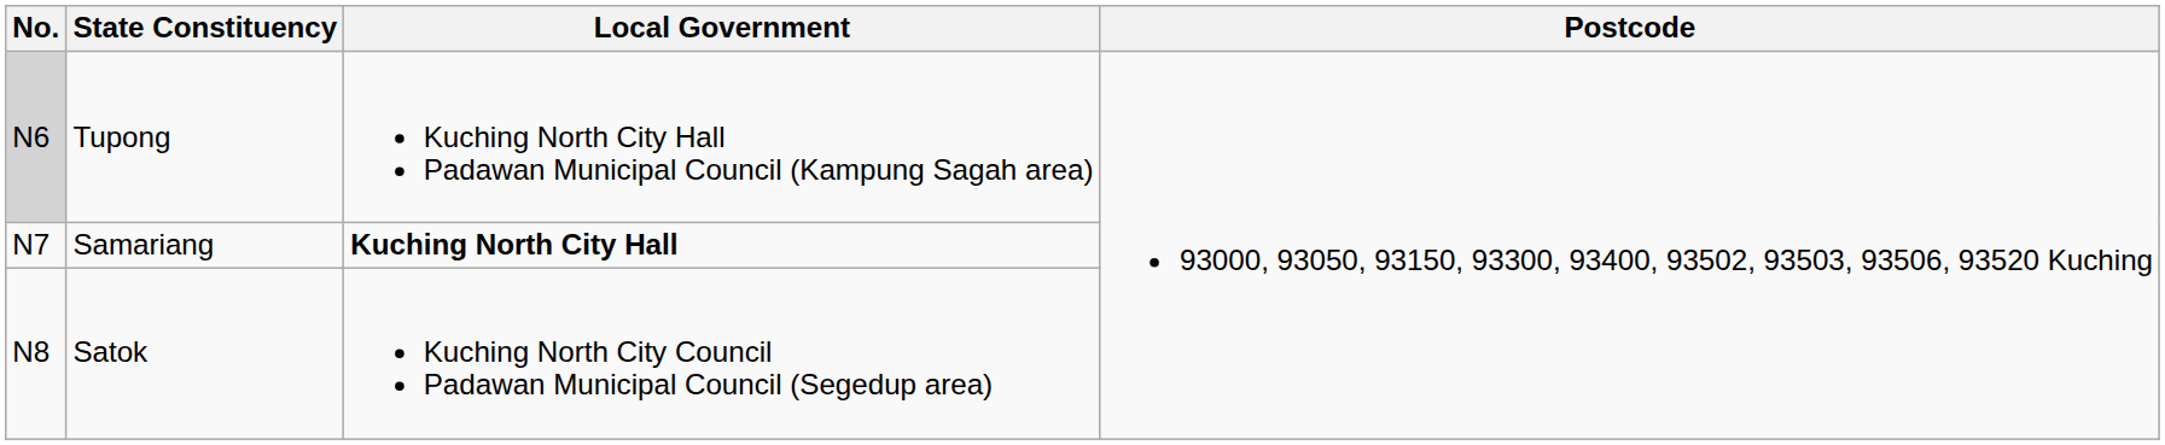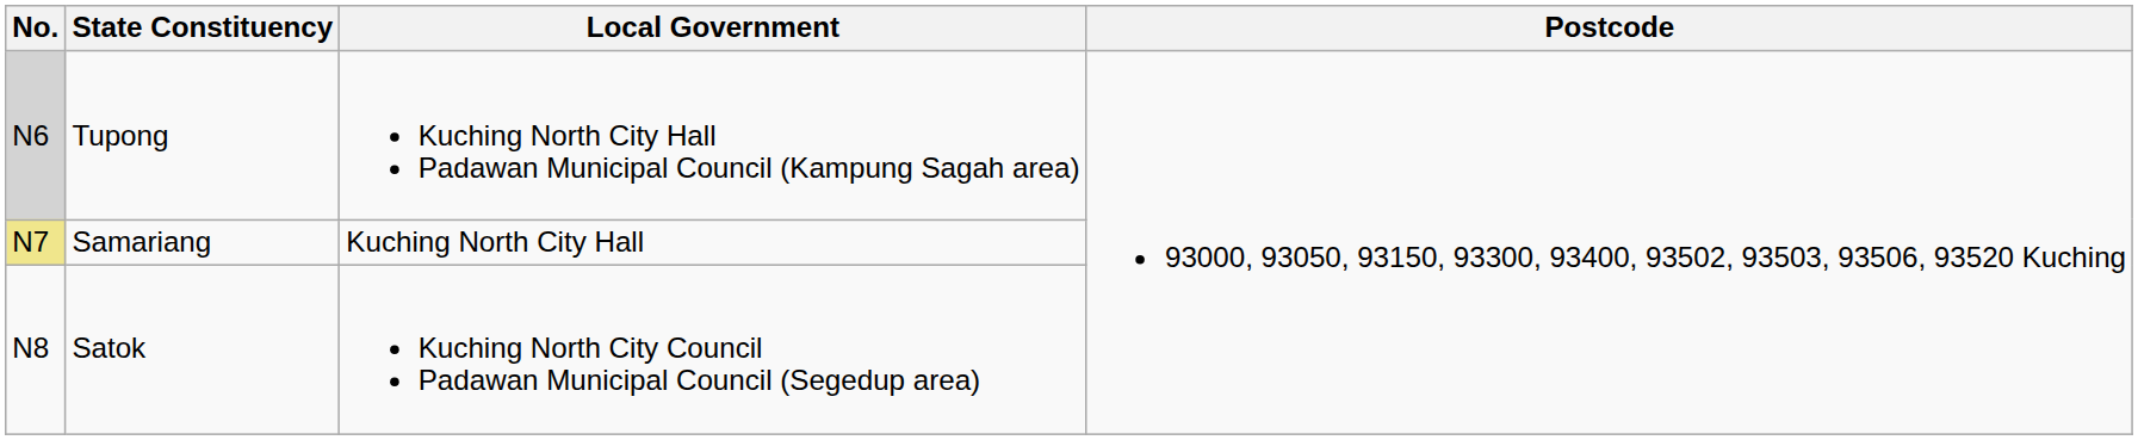 <table class="wikitable">
 <tr>
 <th>No.</th>
 <th>State Constituency</th>
 <th>Local Government</th>
 <th>Postcode</th>
 </tr>
 <tr>
 <td style="background: lightgrey;">N6</td>
 <td>Tupong</td>
 <td><br><ul><li>Kuching North City Hall</li><li>Padawan Municipal Council (Kampung Sagah area)</li></ul></td>
 <td rowspan="3"><br><ul><li>93000, 93050, 93150, 93300, 93400, 93502, 93503, 93506, 93520 Kuching</li></ul></td>
 </tr>
 <tr>
-<td>N7</td>
+<td style="background: khaki;">N7</td>
 <td>Samariang</td>
-<td><strong>Kuching North City Hall</strong></td>
+<td>Kuching North City Hall</td>
 </tr>
 <tr>
 <td>N8</td>
 <td>Satok</td>
 <td><br><ul><li>Kuching North City Council</li><li>Padawan Municipal Council (Segedup area)</li></ul></td>
 </tr>
 </table>
